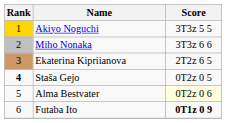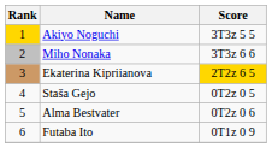 <table class="wikitable">
 <tr>
 <th>Rank</th>
 <th width = "200">Name</th>
 <th width = "80">Score</th>
 </tr>
 <tr>
 <td align="center" style="background: gold">1</td>
 <td> <a href='#'>Akiyo Noguchi</a></td>
 <td align="center">3T3z 5 5</td>
 </tr>
 <tr>
 <td align="center" style="background: silver">2</td>
 <td> <a href='#'>Miho Nonaka</a></td>
 <td align="center">3T3z 6 6</td>
 </tr>
 <tr>
 <td align="center" style="background: #cc9966">3</td>
 <td> Ekaterina Kipriianova</td>
-<td align="center">2T2z 6 5</td>
+<td align="center" style="background: gold;">2T2z 6 5</td>
 </tr>
 <tr>
-<td align="center"><strong>4</strong></td>
+<td align="center">4</td>
 <td> Staša Gejo</td>
 <td align="center">0T2z 0 5</td>
 </tr>
 <tr>
 <td align="center">5</td>
 <td> Alma Bestvater</td>
-<td align="center" style="background: lightyellow;">0T2z 0 6</td>
+<td align="center">0T2z 0 6</td>
 </tr>
 <tr>
 <td align="center">6</td>
 <td> Futaba Ito</td>
-<td align="center"><strong>0T1z 0 9</strong></td>
+<td align="center">0T1z 0 9</td>
 </tr>
 <tr>
 </tr>
 </table>
